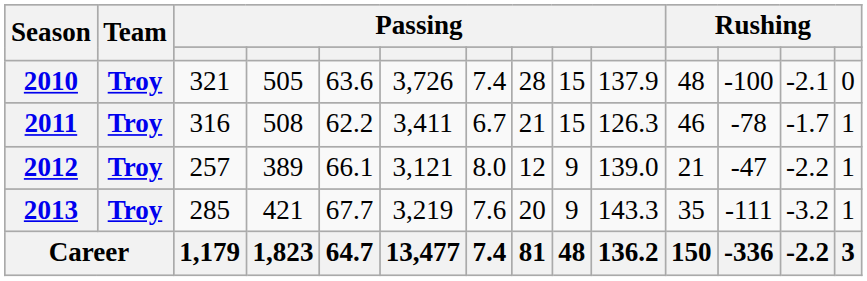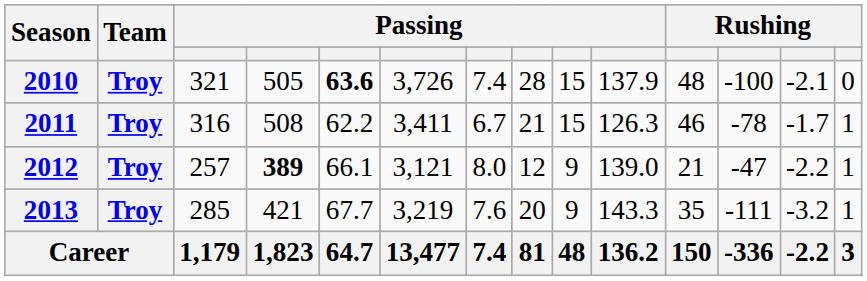 <table class="wikitable" style="text-align:center;">
 <tr>
 <th rowspan="2">Season</th>
 <th rowspan="2">Team</th>
 <th colspan="8">Passing</th>
 <th colspan="4">Rushing</th>
 </tr>
 <tr>
 <th></th>
 <th></th>
 <th></th>
 <th></th>
 <th></th>
 <th></th>
 <th></th>
 <th></th>
 <th></th>
 <th></th>
 <th></th>
 <th></th>
 </tr>
 <tr>
 <th><a href='#'>2010</a></th>
 <th><a href='#'>Troy</a></th>
 <td>321</td>
 <td>505</td>
-<td>63.6</td>
+<td><strong>63.6</strong></td>
 <td>3,726</td>
 <td>7.4</td>
 <td>28</td>
 <td>15</td>
 <td>137.9</td>
 <td>48</td>
 <td>-100</td>
 <td>-2.1</td>
 <td>0</td>
 </tr>
 <tr>
 <th><a href='#'>2011</a></th>
 <th><a href='#'>Troy</a></th>
 <td>316</td>
 <td>508</td>
 <td>62.2</td>
 <td>3,411</td>
 <td>6.7</td>
 <td>21</td>
 <td>15</td>
 <td>126.3</td>
 <td>46</td>
 <td>-78</td>
 <td>-1.7</td>
 <td>1</td>
 </tr>
 <tr>
 <th><a href='#'>2012</a></th>
 <th><a href='#'>Troy</a></th>
 <td>257</td>
-<td>389</td>
+<td><strong>389</strong></td>
 <td>66.1</td>
 <td>3,121</td>
 <td>8.0</td>
 <td>12</td>
 <td>9</td>
 <td>139.0</td>
 <td>21</td>
 <td>-47</td>
 <td>-2.2</td>
 <td>1</td>
 </tr>
 <tr>
 <th><a href='#'>2013</a></th>
 <th><a href='#'>Troy</a></th>
 <td>285</td>
 <td>421</td>
 <td>67.7</td>
 <td>3,219</td>
 <td>7.6</td>
 <td>20</td>
 <td>9</td>
 <td>143.3</td>
 <td>35</td>
 <td>-111</td>
 <td>-3.2</td>
 <td>1</td>
 </tr>
 <tr>
 <th colspan="2">Career</th>
 <th>1,179</th>
 <th>1,823</th>
 <th>64.7</th>
 <th>13,477</th>
 <th>7.4</th>
 <th>81</th>
 <th>48</th>
 <th>136.2</th>
 <th>150</th>
 <th>-336</th>
 <th>-2.2</th>
 <th>3</th>
 </tr>
 </table>
